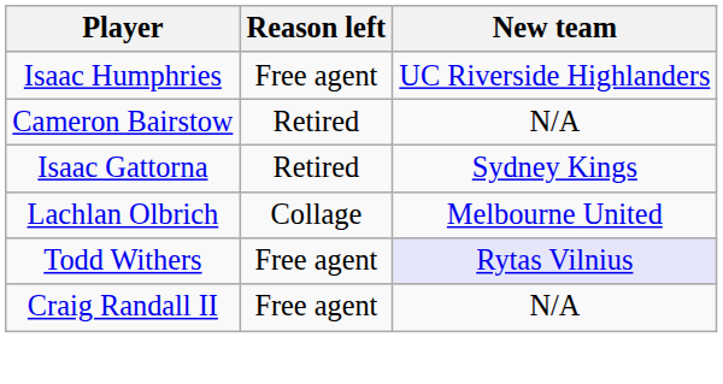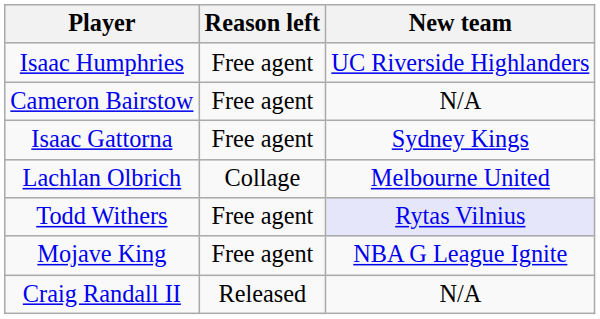 <table class="wikitable sortable sortable" style="text-align: center">
 <tr>
 <th>Player</th>
 <th>Reason left</th>
 <th>New team</th>
 </tr>
 <tr>
 <td><a href='#'>Isaac Humphries</a></td>
 <td>Free agent</td>
 <td><a href='#'>UC Riverside Highlanders</a></td>
 </tr>
 <tr>
 <td><a href='#'>Cameron Bairstow</a></td>
-<td>Retired</td>
+<td>Free agent</td>
 <td>N/A</td>
 </tr>
 <tr>
 <td><a href='#'>Isaac Gattorna</a></td>
-<td>Retired</td>
+<td>Free agent</td>
 <td><a href='#'>Sydney Kings</a></td>
 </tr>
 <tr>
 <td><a href='#'>Lachlan Olbrich</a></td>
 <td>Collage</td>
 <td><a href='#'>Melbourne United</a></td>
 </tr>
 <tr>
 <td><a href='#'>Todd Withers</a></td>
 <td>Free agent</td>
 <td style="background: lavender;"><a href='#'>Rytas Vilnius</a></td>
 </tr>
 <tr>
+<td><a href='#'>Mojave King</a></td>
+<td>Free agent</td>
+<td><a href='#'>NBA G League Ignite</a></td>
+</tr>
+<tr>
 <td><a href='#'>Craig Randall II</a></td>
-<td>Free agent</td>
+<td>Released</td>
 <td>N/A</td>
 </tr>
 </table>
